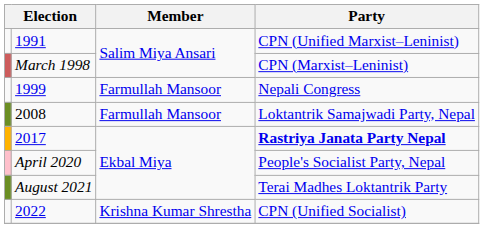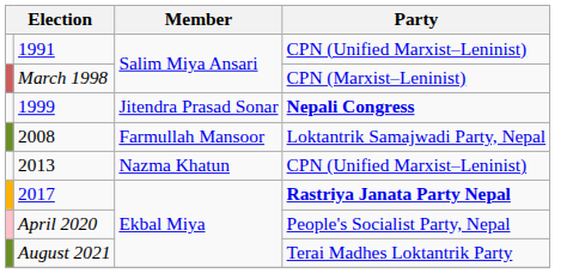 <table class="wikitable">
 <tr>
 <th colspan="2">Election</th>
 <th>Member</th>
 <th>Party</th>
 </tr>
 <tr>
 <td style="background-color:"></td>
 <td><a href='#'>1991</a></td>
 <td rowspan="2"><a href='#'>Salim Miya Ansari</a></td>
 <td><a href='#'>CPN (Unified Marxist–Leninist)</a></td>
 </tr>
 <tr>
 <td style="background-color:indianred"></td>
 <td><em>March 1998</em></td>
 <td><a href='#'>CPN (Marxist–Leninist)</a></td>
 </tr>
 <tr>
 <td style="background-color:"></td>
 <td><a href='#'>1999</a></td>
-<td><a href='#'>Farmullah Mansoor</a></td>
-<td><a href='#'>Nepali Congress</a></td>
+<td><a href='#'>Jitendra Prasad Sonar</a></td>
+<td><strong><a href='#'>Nepali Congress</a></strong></td>
 </tr>
 <tr>
 <td style="background-color:olivedrab"></td>
 <td>2008</td>
 <td><a href='#'>Farmullah Mansoor</a></td>
 <td><a href='#'>Loktantrik Samajwadi Party, Nepal</a></td>
+</tr>
+<tr>
+<td style="background-color:"></td>
+<td>2013</td>
+<td><a href='#'>Nazma Khatun</a></td>
+<td><a href='#'>CPN (Unified Marxist–Leninist)</a></td>
 </tr>
 <tr>
 <td style="background-color:#ffb300"></td>
 <td><a href='#'>2017</a></td>
 <td rowspan="3"><a href='#'>Ekbal Miya</a></td>
 <td><strong><a href='#'>Rastriya Janata Party Nepal</a></strong></td>
 </tr>
 <tr>
 <td style="background-color:pink"></td>
 <td><em>April 2020</em></td>
 <td><a href='#'>People's Socialist Party, Nepal</a></td>
 </tr>
 <tr>
 <td style="background-color:olivedrab"></td>
 <td><em>August 2021</em></td>
 <td><a href='#'>Terai Madhes Loktantrik Party</a></td>
 </tr>
 <tr>
-<td></td>
-<td><a href='#'>2022</a></td>
-<td><a href='#'>Krishna Kumar Shrestha</a></td>
-<td><a href='#'>CPN (Unified Socialist)</a></td>
-</tr>
-<tr>
 </tr>
 </table>
